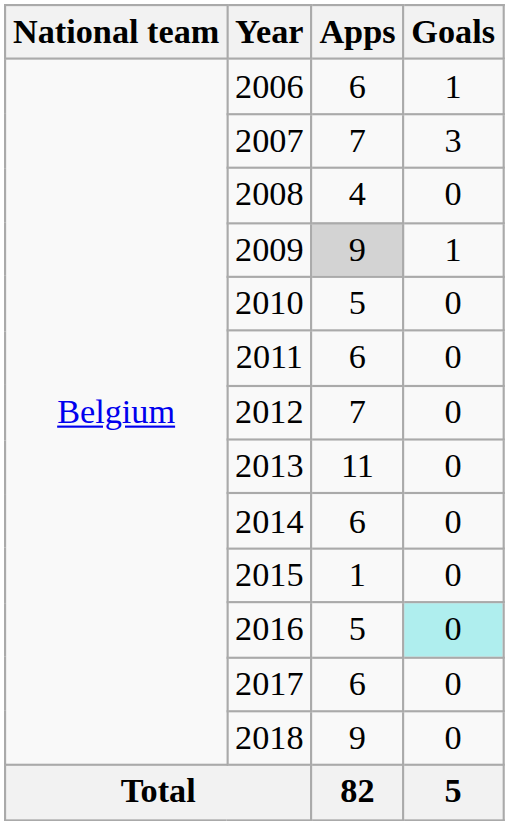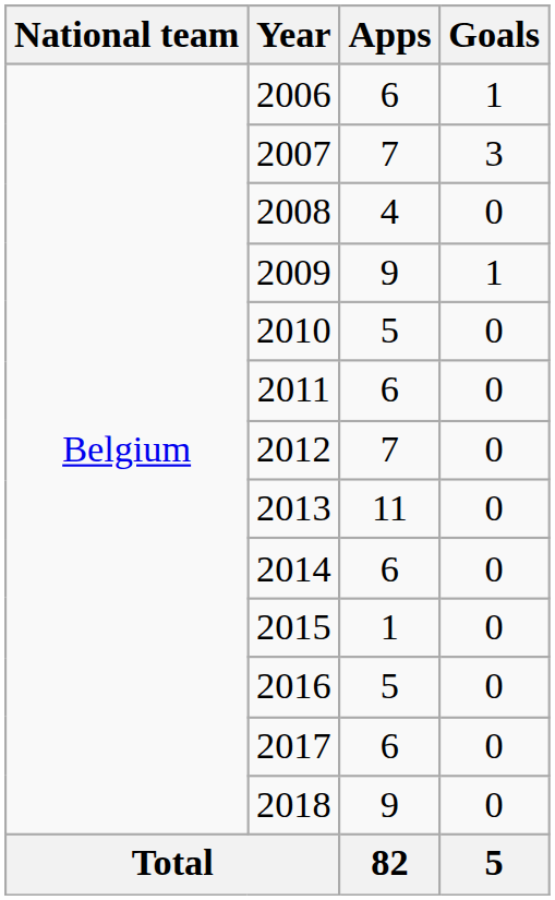 <table class="wikitable" style="text-align: center;">
 <tr>
 <th>National team</th>
 <th>Year</th>
 <th>Apps</th>
 <th>Goals</th>
 </tr>
 <tr>
 <td rowspan=13><a href='#'>Belgium</a></td>
 <td>2006</td>
 <td>6</td>
 <td>1</td>
 </tr>
 <tr>
 <td>2007</td>
 <td>7</td>
 <td>3</td>
 </tr>
 <tr>
 <td>2008</td>
 <td>4</td>
 <td>0</td>
 </tr>
 <tr>
 <td>2009</td>
-<td style="background: lightgrey;">9</td>
+<td>9</td>
 <td>1</td>
 </tr>
 <tr>
 <td>2010</td>
 <td>5</td>
 <td>0</td>
 </tr>
 <tr>
 <td>2011</td>
 <td>6</td>
 <td>0</td>
 </tr>
 <tr>
 <td>2012</td>
 <td>7</td>
 <td>0</td>
 </tr>
 <tr>
 <td>2013</td>
 <td>11</td>
 <td>0</td>
 </tr>
 <tr>
 <td>2014</td>
 <td>6</td>
 <td>0</td>
 </tr>
 <tr>
 <td>2015</td>
 <td>1</td>
 <td>0</td>
 </tr>
 <tr>
 <td>2016</td>
 <td>5</td>
-<td style="background: paleturquoise;">0</td>
+<td>0</td>
 </tr>
 <tr>
 <td>2017</td>
 <td>6</td>
 <td>0</td>
 </tr>
 <tr>
 <td>2018</td>
 <td>9</td>
 <td>0</td>
 </tr>
 <tr>
 <th colspan=2>Total</th>
 <th>82</th>
 <th>5</th>
 </tr>
 </table>
